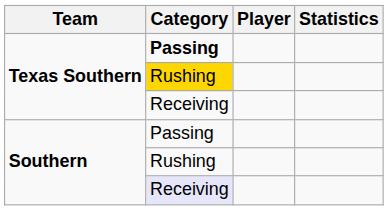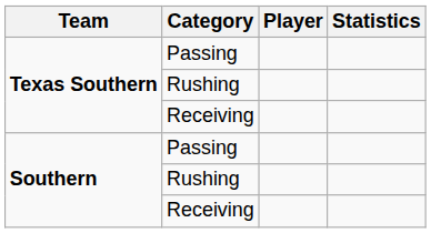 <table class="wikitable" style="float: left;">
 <tr>
 <th>Team</th>
 <th>Category</th>
 <th>Player</th>
 <th>Statistics</th>
 </tr>
 <tr>
 <td rowspan=3><strong>Texas Southern</strong></td>
-<td><strong>Passing</strong></td>
+<td>Passing</td>
 <td> </td>
 <td> </td>
 </tr>
 <tr>
-<td style="background: gold;">Rushing</td>
+<td>Rushing</td>
 <td> </td>
 <td> </td>
 </tr>
 <tr>
 <td>Receiving</td>
 <td> </td>
 <td> </td>
 </tr>
 <tr>
 <td rowspan=3><strong>Southern</strong></td>
 <td>Passing</td>
 <td> </td>
 <td> </td>
 </tr>
 <tr>
 <td>Rushing</td>
 <td> </td>
 <td> </td>
 </tr>
 <tr>
-<td style="background: lavender;">Receiving</td>
+<td>Receiving</td>
 <td> </td>
 <td> </td>
 </tr>
 </table>
